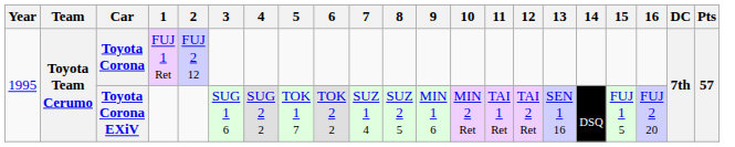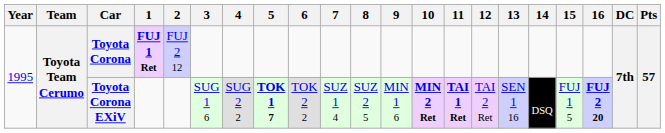 <table class="wikitable" style="text-align:center; font-size:90%">
 <tr>
 <th>Year</th>
 <th>Team</th>
 <th>Car</th>
 <th>1</th>
 <th>2</th>
 <th>3</th>
 <th>4</th>
 <th>5</th>
 <th>6</th>
 <th>7</th>
 <th>8</th>
 <th>9</th>
 <th>10</th>
 <th>11</th>
 <th>12</th>
 <th>13</th>
 <th>14</th>
 <th>15</th>
 <th>16</th>
 <th>DC</th>
 <th>Pts</th>
 </tr>
 <tr>
 <td rowspan="2"><a href='#'>1995</a></td>
 <th rowspan="2">Toyota Team <a href='#'>Cerumo</a></th>
 <th><a href='#'>Toyota Corona</a></th>
-<td bgcolor="#EFCFFF"><a href='#'>FUJ<br>1</a><br><small>Ret</small></td>
+<td bgcolor="#EFCFFF"><strong><a href='#'>FUJ<br>1</a><br><small>Ret</small></strong></td>
 <td bgcolor="#CFCFFF"><a href='#'>FUJ<br>2</a><br><small>12</small></td>
 <td></td>
 <td></td>
 <td></td>
 <td></td>
 <td></td>
 <td></td>
 <td></td>
 <td></td>
 <td></td>
 <td></td>
 <td></td>
 <td></td>
 <td></td>
 <td></td>
 <th rowspan="2">7th</th>
 <th rowspan="2">57</th>
 </tr>
 <tr>
 <th><a href='#'>Toyota Corona EXiV</a></th>
 <td></td>
 <td></td>
 <td bgcolor="#DFFFDF"><a href='#'>SUG<br>1</a><br><small>6</small></td>
 <td bgcolor="#DFDFDF"><a href='#'>SUG<br>2</a><br><small>2</small></td>
-<td bgcolor="#DFFFDF"><a href='#'>TOK<br>1</a><br><small>7</small></td>
+<td bgcolor="#DFFFDF"><strong><a href='#'>TOK<br>1</a><br><small>7</small></strong></td>
 <td bgcolor="#DFDFDF"><a href='#'>TOK<br>2</a><br><small>2</small></td>
 <td bgcolor="#DFFFDF"><a href='#'>SUZ<br>1</a><br><small>4</small></td>
 <td bgcolor="#DFFFDF"><a href='#'>SUZ<br>2</a><br><small>5</small></td>
 <td bgcolor="#DFFFDF"><a href='#'>MIN<br>1</a><br><small>6</small></td>
-<td bgcolor="#EFCFFF"><a href='#'>MIN<br>2</a><br><small>Ret</small></td>
-<td bgcolor="#EFCFFF"><a href='#'>TAI<br>1</a><br><small>Ret</small></td>
+<td bgcolor="#EFCFFF"><strong><a href='#'>MIN<br>2</a><br><small>Ret</small></strong></td>
+<td bgcolor="#EFCFFF"><strong><a href='#'>TAI<br>1</a><br><small>Ret</small></strong></td>
 <td bgcolor="#EFCFFF"><a href='#'>TAI<br>2</a><br><small>Ret</small></td>
 <td bgcolor="#CFCFFF"><a href='#'>SEN<br>1</a><br><small>16</small></td>
 <td bgcolor="#000000" style="color:#FFFFFF"><a href='#'></a><br><small>DSQ</small></td>
 <td bgcolor="#DFFFDF"><a href='#'>FUJ<br>1</a><br><small>5</small></td>
-<td bgcolor="#CFCFFF"><a href='#'>FUJ<br>2</a><br><small>20</small></td>
+<td bgcolor="#CFCFFF"><strong><a href='#'>FUJ<br>2</a><br><small>20</small></strong></td>
 </tr>
 </table>
